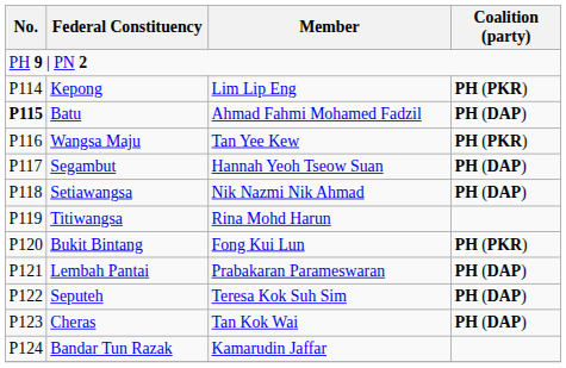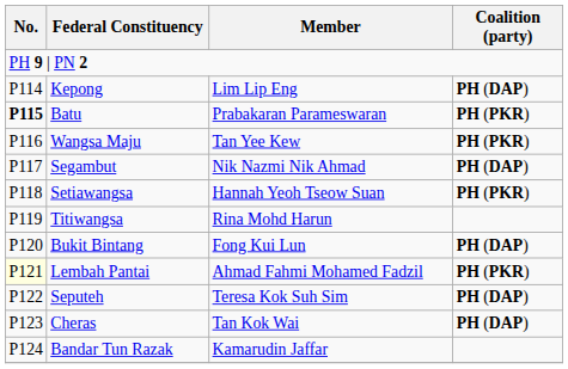 <table class="wikitable sortable">
 <tr>
 <th style="width:30px;">No.</th>
 <th style="width:150px;">Federal Constituency</th>
 <th style="width:230px;">Member</th>
 <th style="width:100px;">Coalition (party)</th>
 </tr>
 <tr>
 <td colspan="4"><a href='#'>PH</a> <strong>9</strong> | <a href='#'>PN</a> <strong>2</strong></td>
 </tr>
 <tr>
 <td>P114</td>
 <td><a href='#'>Kepong</a></td>
 <td><a href='#'>Lim Lip Eng</a></td>
-<td><strong>PH</strong> (<strong>PKR</strong>)</td>
+<td><strong>PH</strong> (<strong>DAP</strong>)</td>
 </tr>
 <tr>
 <td><strong>P115</strong></td>
 <td><a href='#'>Batu</a></td>
-<td><a href='#'>Ahmad Fahmi Mohamed Fadzil</a></td>
-<td><strong>PH</strong> (<strong>DAP</strong>)</td>
+<td><a href='#'>Prabakaran Parameswaran</a></td>
+<td><strong>PH</strong> (<strong>PKR</strong>)</td>
 </tr>
 <tr>
 <td>P116</td>
 <td><a href='#'>Wangsa Maju</a></td>
 <td><a href='#'>Tan Yee Kew</a></td>
 <td><strong>PH</strong> (<strong>PKR</strong>)</td>
 </tr>
 <tr>
 <td>P117</td>
 <td><a href='#'>Segambut</a></td>
-<td><a href='#'>Hannah Yeoh Tseow Suan</a></td>
+<td><a href='#'>Nik Nazmi Nik Ahmad</a></td>
 <td><strong>PH</strong> (<strong>DAP</strong>)</td>
 </tr>
 <tr>
 <td>P118</td>
 <td><a href='#'>Setiawangsa</a></td>
-<td><a href='#'>Nik Nazmi Nik Ahmad</a></td>
-<td><strong>PH</strong> (<strong>DAP</strong>)</td>
+<td><a href='#'>Hannah Yeoh Tseow Suan</a></td>
+<td><strong>PH</strong> (<strong>PKR</strong>)</td>
 </tr>
 <tr>
 <td>P119</td>
 <td><a href='#'>Titiwangsa</a></td>
 <td><a href='#'>Rina Mohd Harun</a></td>
 <td></td>
 </tr>
 <tr>
 <td>P120</td>
 <td><a href='#'>Bukit Bintang</a></td>
 <td><a href='#'>Fong Kui Lun</a></td>
-<td><strong>PH</strong> (<strong>PKR</strong>)</td>
+<td><strong>PH</strong> (<strong>DAP</strong>)</td>
 </tr>
 <tr>
-<td>P121</td>
+<td style="background: lightyellow;">P121</td>
 <td><a href='#'>Lembah Pantai</a></td>
-<td><a href='#'>Prabakaran Parameswaran</a></td>
-<td><strong>PH</strong> (<strong>DAP</strong>)</td>
+<td><a href='#'>Ahmad Fahmi Mohamed Fadzil</a></td>
+<td><strong>PH</strong> (<strong>PKR</strong>)</td>
 </tr>
 <tr>
 <td>P122</td>
 <td><a href='#'>Seputeh</a></td>
 <td><a href='#'>Teresa Kok Suh Sim</a></td>
 <td><strong>PH</strong> (<strong>DAP</strong>)</td>
 </tr>
 <tr>
 <td>P123</td>
 <td><a href='#'>Cheras</a></td>
 <td><a href='#'>Tan Kok Wai</a></td>
 <td><strong>PH</strong> (<strong>DAP</strong>)</td>
 </tr>
 <tr>
 <td>P124</td>
 <td><a href='#'>Bandar Tun Razak</a></td>
 <td><a href='#'>Kamarudin Jaffar</a></td>
 <td></td>
 </tr>
 <tr>
 </tr>
 </table>
